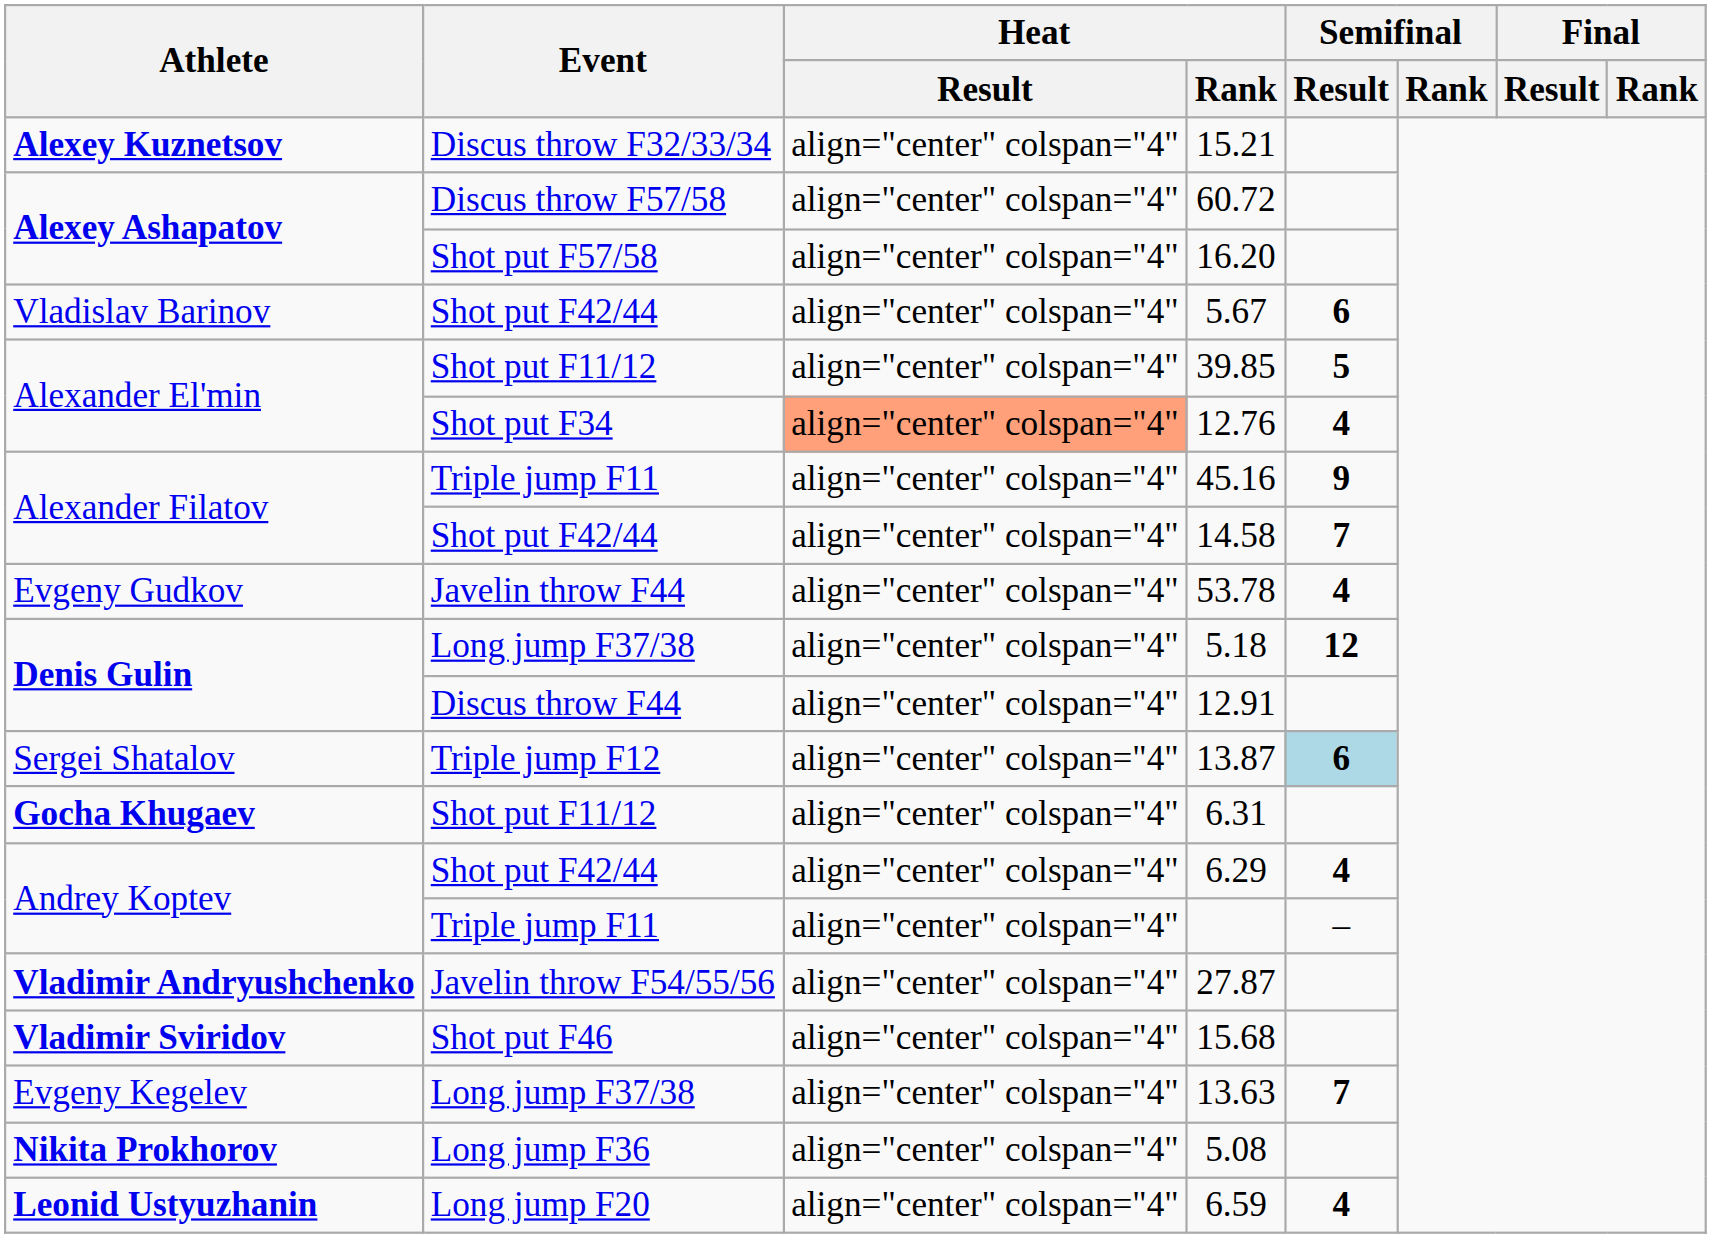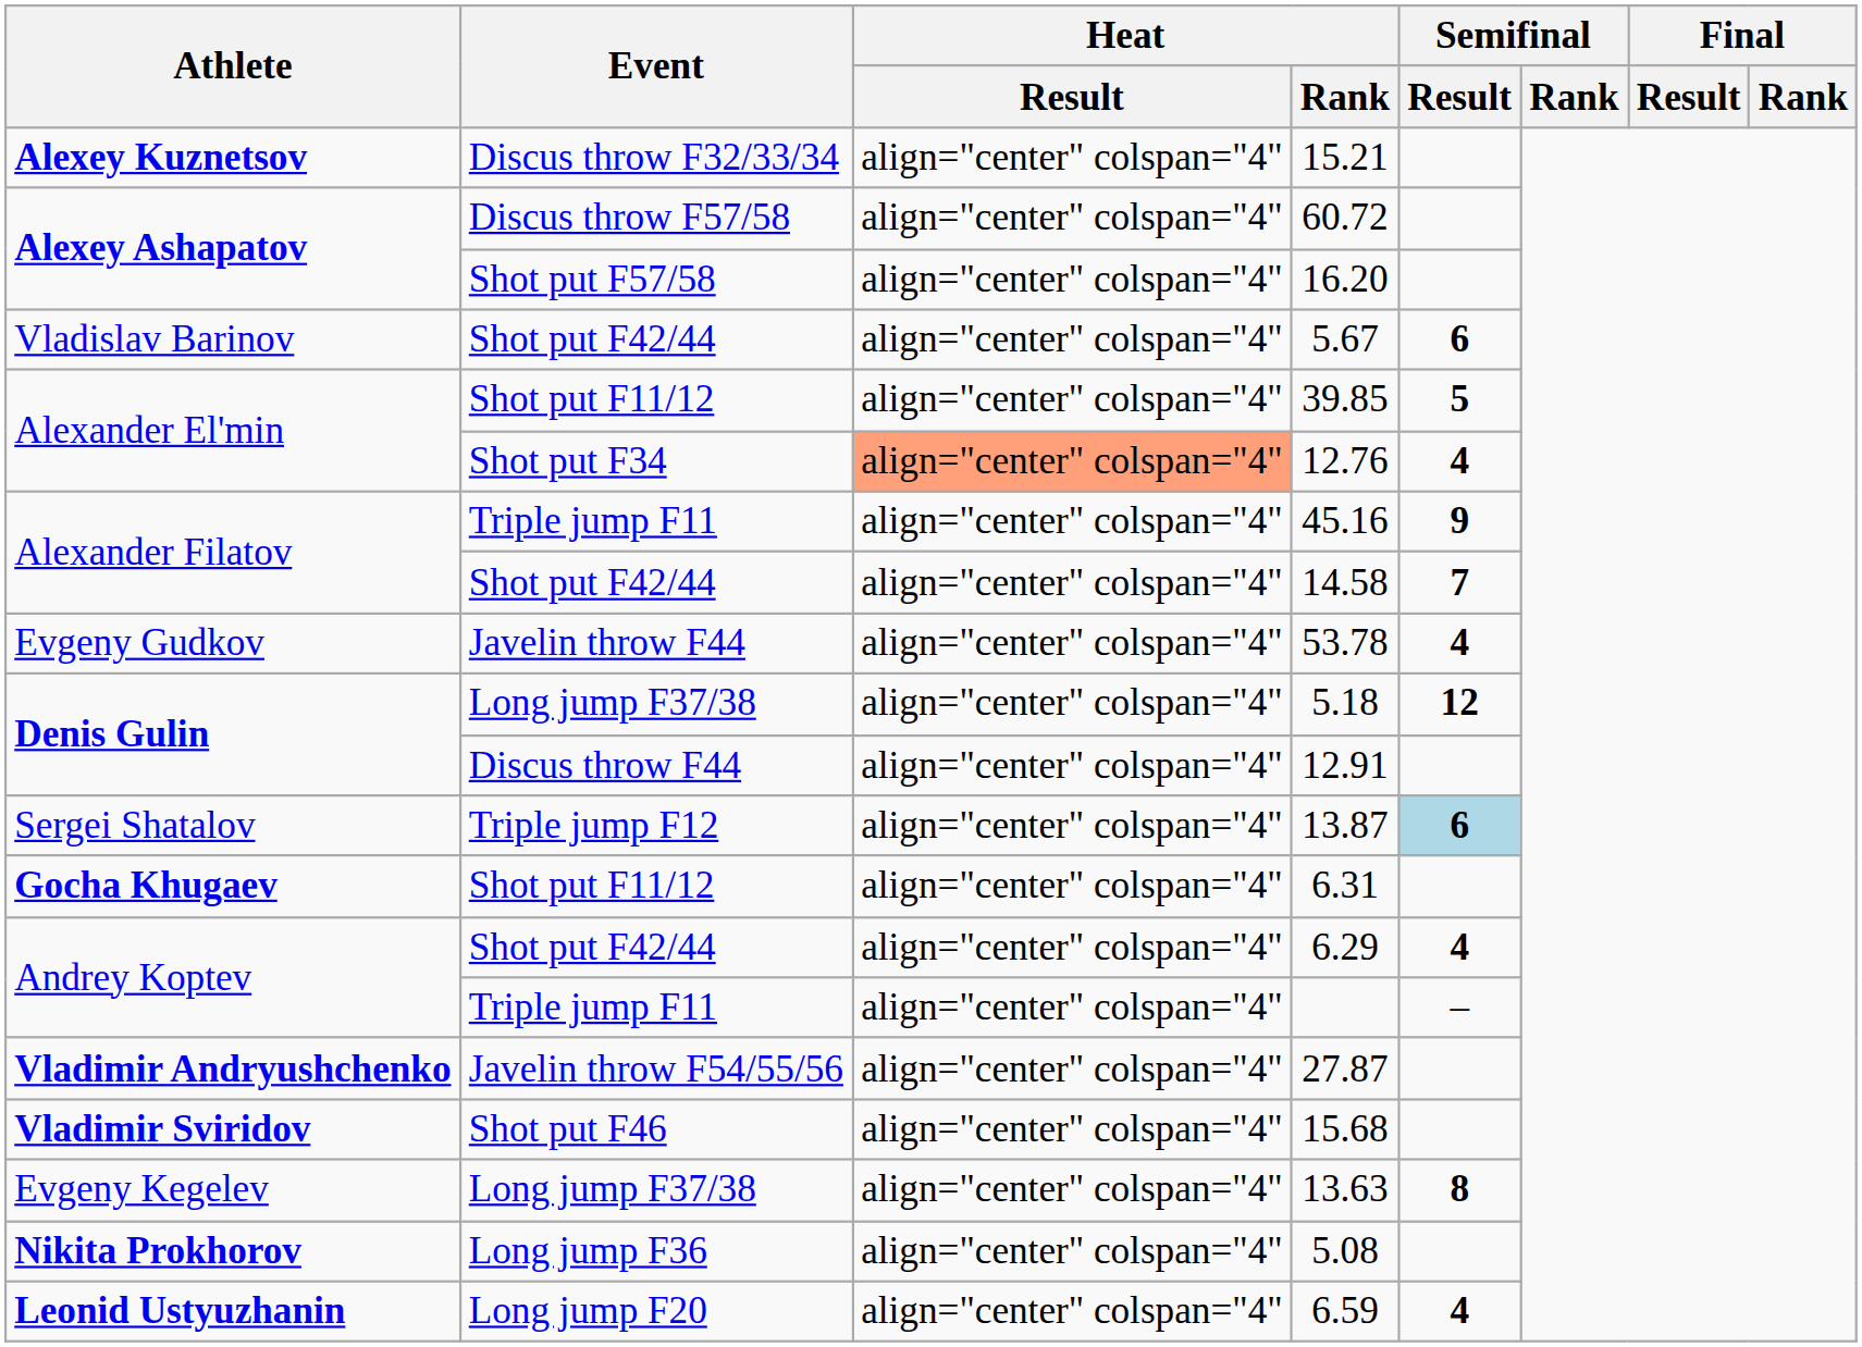 <table class="wikitable">
 <tr>
 <th rowspan="2">Athlete</th>
 <th rowspan="2">Event</th>
 <th colspan="2">Heat</th>
 <th colspan="2">Semifinal</th>
 <th colspan="2">Final</th>
 </tr>
 <tr>
 <th>Result</th>
 <th>Rank</th>
 <th>Result</th>
 <th>Rank</th>
 <th>Result</th>
 <th>Rank</th>
 </tr>
 <tr>
 <td><strong><a href='#'>Alexey Kuznetsov</a></strong></td>
 <td><a href='#'>Discus throw F32/33/34</a></td>
 <td>align="center" colspan="4" </td>
 <td align="center">15.21</td>
 <td align="center"></td>
 </tr>
 <tr>
 <td rowspan=2><strong><a href='#'>Alexey Ashapatov</a></strong></td>
 <td><a href='#'>Discus throw F57/58</a></td>
 <td>align="center" colspan="4" </td>
 <td align="center">60.72 <strong></strong></td>
 <td align="center"></td>
 </tr>
 <tr>
 <td><a href='#'>Shot put F57/58</a></td>
 <td>align="center" colspan="4" </td>
 <td align="center">16.20 <strong></strong></td>
 <td align="center"></td>
 </tr>
 <tr>
 <td><a href='#'>Vladislav Barinov</a></td>
 <td><a href='#'>Shot put F42/44</a></td>
 <td>align="center" colspan="4" </td>
 <td align="center">5.67</td>
 <td align="center"><strong>6</strong></td>
 </tr>
 <tr>
 <td rowspan=2><a href='#'>Alexander El'min</a></td>
 <td><a href='#'>Shot put F11/12</a></td>
 <td>align="center" colspan="4" </td>
 <td align="center">39.85 <strong></strong></td>
 <td align="center"><strong>5</strong></td>
 </tr>
 <tr>
 <td><a href='#'>Shot put F34</a></td>
 <td style="background: lightsalmon;">align="center" colspan="4" </td>
 <td align="center">12.76 <strong></strong></td>
 <td align="center"><strong>4</strong></td>
 </tr>
 <tr>
 <td rowspan=2><a href='#'>Alexander Filatov</a></td>
 <td><a href='#'>Triple jump F11</a></td>
 <td>align="center" colspan="4" </td>
 <td align="center">45.16</td>
 <td align="center"><strong>9</strong></td>
 </tr>
 <tr>
 <td><a href='#'>Shot put F42/44</a></td>
 <td>align="center" colspan="4" </td>
 <td align="center">14.58</td>
 <td align="center"><strong>7</strong></td>
 </tr>
 <tr>
 <td><a href='#'>Evgeny Gudkov</a></td>
 <td><a href='#'>Javelin throw F44</a></td>
 <td>align="center" colspan="4" </td>
 <td align="center">53.78</td>
 <td align="center"><strong>4</strong></td>
 </tr>
 <tr>
 <td rowspan=2><strong><a href='#'>Denis Gulin</a></strong></td>
 <td><a href='#'>Long jump F37/38</a></td>
 <td>align="center" colspan="4" </td>
 <td align="center">5.18</td>
 <td align="center"><strong>12</strong></td>
 </tr>
 <tr>
 <td><a href='#'>Discus throw F44</a></td>
 <td>align="center" colspan="4" </td>
 <td align="center">12.91</td>
 <td align="center"></td>
 </tr>
 <tr>
 <td><a href='#'>Sergei Shatalov</a></td>
 <td><a href='#'>Triple jump F12</a></td>
 <td>align="center" colspan="4" </td>
 <td align="center">13.87 <strong></strong></td>
 <td align="center" style="background: lightblue;"><strong>6</strong></td>
 </tr>
 <tr>
 <td><strong><a href='#'>Gocha Khugaev</a></strong></td>
 <td><a href='#'>Shot put F11/12</a></td>
 <td>align="center" colspan="4" </td>
 <td align="center">6.31 <strong></strong></td>
 <td align="center"></td>
 </tr>
 <tr>
 <td rowspan=2><a href='#'>Andrey Koptev</a></td>
 <td><a href='#'>Shot put F42/44</a></td>
 <td>align="center" colspan="4" </td>
 <td align="center">6.29 <strong></strong></td>
 <td align="center"><strong>4</strong></td>
 </tr>
 <tr>
 <td><a href='#'>Triple jump F11</a></td>
 <td>align="center" colspan="4" </td>
 <td align="center"></td>
 <td align="center">–</td>
 </tr>
 <tr>
 <td><strong><a href='#'>Vladimir Andryushchenko</a></strong></td>
 <td><a href='#'>Javelin throw F54/55/56</a></td>
 <td>align="center" colspan="4" </td>
 <td align="center">27.87</td>
 <td align="center"></td>
 </tr>
 <tr>
 <td><strong><a href='#'>Vladimir Sviridov</a></strong></td>
 <td><a href='#'>Shot put F46</a></td>
 <td>align="center" colspan="4" </td>
 <td align="center">15.68 <strong></strong></td>
 <td align="center"></td>
 </tr>
 <tr>
 <td><a href='#'>Evgeny Kegelev</a></td>
 <td><a href='#'>Long jump F37/38</a></td>
 <td>align="center" colspan="4" </td>
 <td align="center">13.63</td>
-<td align="center"><strong>7</strong></td>
+<td align="center"><strong>8</strong></td>
 </tr>
 <tr>
 <td><strong><a href='#'>Nikita Prokhorov</a></strong></td>
 <td><a href='#'>Long jump F36</a></td>
 <td>align="center" colspan="4" </td>
 <td align="center">5.08</td>
 <td align="center"></td>
 </tr>
 <tr>
 <td><strong><a href='#'>Leonid Ustyuzhanin</a></strong></td>
 <td><a href='#'>Long jump F20</a></td>
 <td>align="center" colspan="4" </td>
 <td align="center">6.59 <strong></strong></td>
 <td align="center"><strong>4</strong></td>
 </tr>
 </table>
